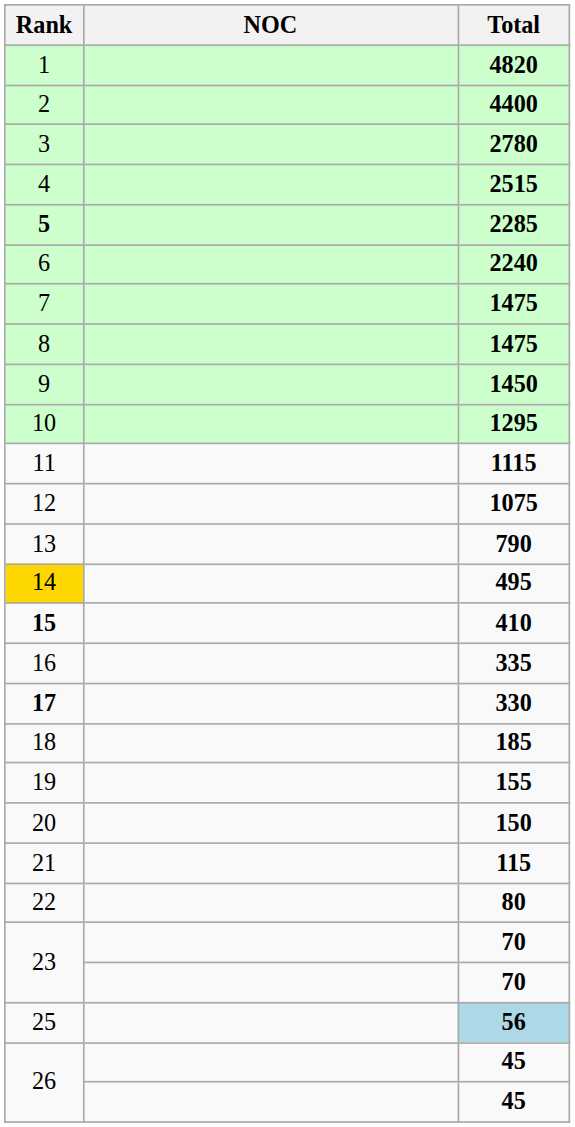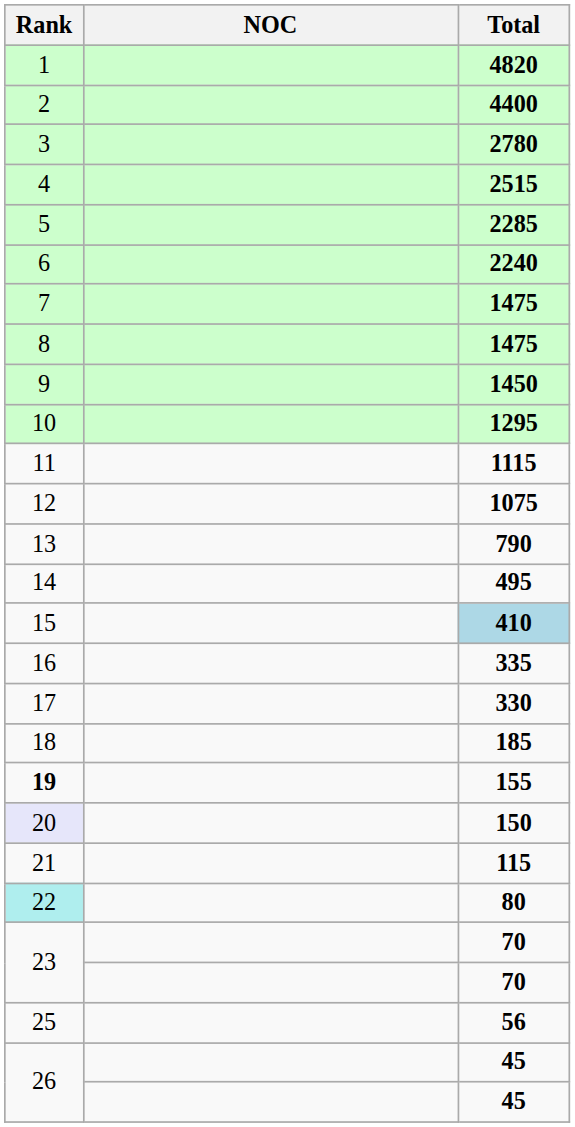 <table class="wikitable" style="text-align:center; font-size:90%">
 <tr>
 <th width=40>Rank</th>
 <th width=216>NOC</th>
 <th width=60>Total</th>
 </tr>
 <tr bgcolor=#ccffcc>
 <td>1</td>
 <td align=left></td>
 <td><strong>4820</strong></td>
 </tr>
 <tr bgcolor=#ccffcc>
 <td>2</td>
 <td align=left></td>
 <td><strong>4400</strong></td>
 </tr>
 <tr bgcolor=#ccffcc>
 <td>3</td>
 <td align=left></td>
 <td><strong>2780</strong></td>
 </tr>
 <tr bgcolor=#ccffcc>
 <td>4</td>
 <td align=left></td>
 <td><strong>2515</strong></td>
 </tr>
 <tr bgcolor=#ccffcc>
-<td><strong>5</strong></td>
+<td>5</td>
 <td align=left></td>
 <td><strong>2285</strong></td>
 </tr>
 <tr bgcolor=#ccffcc>
 <td>6</td>
 <td align=left></td>
 <td><strong>2240</strong></td>
 </tr>
 <tr bgcolor=#ccffcc>
 <td>7</td>
 <td align=left></td>
 <td><strong>1475</strong></td>
 </tr>
 <tr bgcolor=#ccffcc>
 <td>8</td>
 <td align=left></td>
 <td><strong>1475</strong></td>
 </tr>
 <tr bgcolor=#ccffcc>
 <td>9</td>
 <td align=left></td>
 <td><strong>1450</strong></td>
 </tr>
 <tr bgcolor=#ccffcc>
 <td>10</td>
 <td align=left></td>
 <td><strong>1295</strong></td>
 </tr>
 <tr>
 <td>11</td>
 <td align=left></td>
 <td><strong>1115</strong></td>
 </tr>
 <tr>
 <td>12</td>
 <td align=left></td>
 <td><strong>1075</strong></td>
 </tr>
 <tr>
 <td>13</td>
 <td align=left></td>
 <td><strong>790</strong></td>
 </tr>
 <tr>
-<td style="background: gold;">14</td>
+<td>14</td>
 <td align=left></td>
 <td><strong>495</strong></td>
 </tr>
 <tr>
-<td><strong>15</strong></td>
+<td>15</td>
 <td align=left></td>
-<td><strong>410</strong></td>
+<td style="background: lightblue;"><strong>410</strong></td>
 </tr>
 <tr>
 <td>16</td>
 <td align=left></td>
 <td><strong>335</strong></td>
 </tr>
 <tr>
-<td><strong>17</strong></td>
+<td>17</td>
 <td align=left></td>
 <td><strong>330</strong></td>
 </tr>
 <tr>
 <td>18</td>
 <td align=left></td>
 <td><strong>185</strong></td>
 </tr>
 <tr>
-<td>19</td>
+<td><strong>19</strong></td>
 <td align=left></td>
 <td><strong>155</strong></td>
 </tr>
 <tr>
-<td>20</td>
+<td style="background: lavender;">20</td>
 <td align=left></td>
 <td><strong>150</strong></td>
 </tr>
 <tr>
 <td>21</td>
 <td align=left></td>
 <td><strong>115</strong></td>
 </tr>
 <tr>
-<td>22</td>
+<td style="background: paleturquoise;">22</td>
 <td align=left></td>
 <td><strong>80</strong></td>
 </tr>
 <tr>
 <td rowspan=2>23</td>
 <td align=left></td>
 <td><strong>70</strong></td>
 </tr>
 <tr>
 <td align=left></td>
 <td><strong>70</strong></td>
 </tr>
 <tr>
 <td>25</td>
 <td align=left></td>
-<td style="background: lightblue;"><strong>56</strong></td>
+<td><strong>56</strong></td>
 </tr>
 <tr>
 <td rowspan=2>26</td>
 <td align=left></td>
 <td><strong>45</strong></td>
 </tr>
 <tr>
 <td align=left></td>
 <td><strong>45</strong></td>
 </tr>
 </table>
